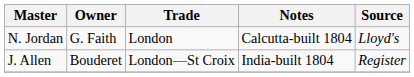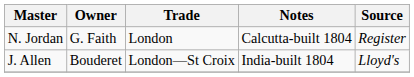 <table class="sortable wikitable">
 <tr>
 <th>Master</th>
 <th>Owner</th>
 <th>Trade</th>
 <th>Notes</th>
 <th>Source</th>
 </tr>
 <tr>
 <td>N. Jordan</td>
 <td>G. Faith</td>
 <td>London</td>
 <td>Calcutta-built 1804</td>
-<td><em>Lloyd's</em></td>
+<td><em>Register</em></td>
 </tr>
 <tr>
 <td>J. Allen</td>
 <td>Bouderet</td>
 <td>London—St Croix</td>
 <td>India-built 1804</td>
-<td><em>Register</em></td>
+<td><em>Lloyd's</em></td>
 </tr>
 <tr>
 </tr>
 </table>
